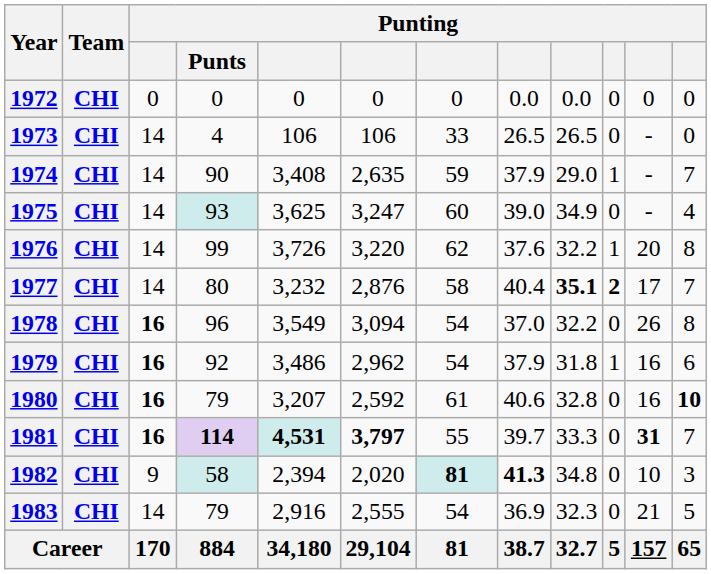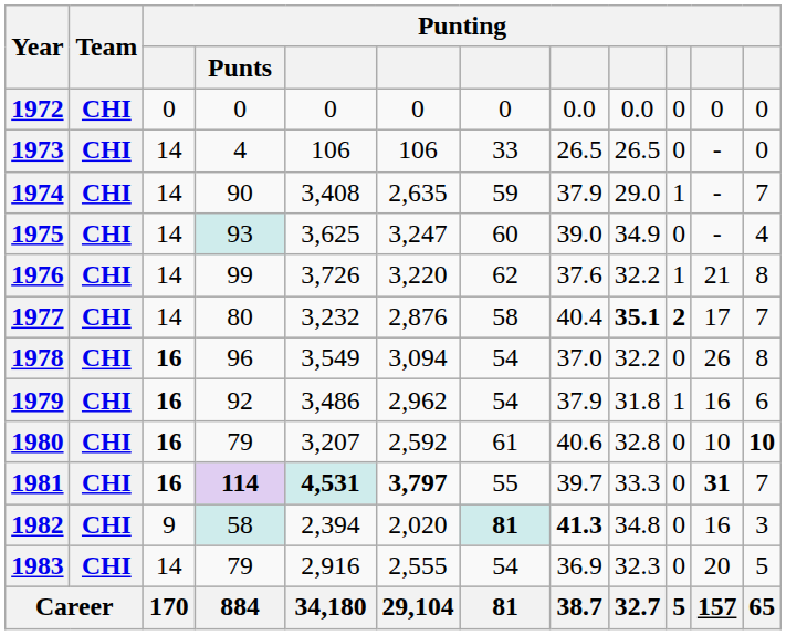 <table class=wikitable style="text-align:center;">
 <tr>
 <th rowspan="2">Year</th>
 <th rowspan="2">Team</th>
 <th colspan="10">Punting</th>
 </tr>
 <tr>
 <th></th>
 <th>Punts</th>
 <th></th>
 <th></th>
 <th></th>
 <th></th>
 <th></th>
 <th></th>
 <th></th>
 <th></th>
 </tr>
 <tr>
 <th><a href='#'>1972</a></th>
 <th><a href='#'>CHI</a></th>
 <td>0</td>
 <td>0</td>
 <td>0</td>
 <td>0</td>
 <td>0</td>
 <td>0.0</td>
 <td>0.0</td>
 <td>0</td>
 <td>0</td>
 <td>0</td>
 </tr>
 <tr>
 <th><a href='#'>1973</a></th>
 <th><a href='#'>CHI</a></th>
 <td>14</td>
 <td>4</td>
 <td>106</td>
 <td>106</td>
 <td>33</td>
 <td>26.5</td>
 <td>26.5</td>
 <td>0</td>
 <td>-</td>
 <td>0</td>
 </tr>
 <tr>
 <th><a href='#'>1974</a></th>
 <th><a href='#'>CHI</a></th>
 <td>14</td>
 <td>90</td>
 <td>3,408</td>
 <td>2,635</td>
 <td>59</td>
 <td>37.9</td>
 <td>29.0</td>
 <td>1</td>
 <td>-</td>
 <td>7</td>
 </tr>
 <tr>
 <th><a href='#'>1975</a></th>
 <th><a href='#'>CHI</a></th>
 <td>14</td>
 <td style="background:#cfecec; width:3em;">93</td>
 <td>3,625</td>
 <td>3,247</td>
 <td>60</td>
 <td>39.0</td>
 <td>34.9</td>
 <td>0</td>
 <td>-</td>
 <td>4</td>
 </tr>
 <tr>
 <th><a href='#'>1976</a></th>
 <th><a href='#'>CHI</a></th>
 <td>14</td>
 <td>99</td>
 <td>3,726</td>
 <td>3,220</td>
 <td>62</td>
 <td>37.6</td>
 <td>32.2</td>
 <td>1</td>
-<td>20</td>
+<td>21</td>
 <td>8</td>
 </tr>
 <tr>
 <th><a href='#'>1977</a></th>
 <th><a href='#'>CHI</a></th>
 <td>14</td>
 <td>80</td>
 <td>3,232</td>
 <td>2,876</td>
 <td>58</td>
 <td>40.4</td>
 <td><strong>35.1</strong></td>
 <td><strong>2</strong></td>
 <td>17</td>
 <td>7</td>
 </tr>
 <tr>
 <th><a href='#'>1978</a></th>
 <th><a href='#'>CHI</a></th>
 <td><strong>16</strong></td>
 <td>96</td>
 <td>3,549</td>
 <td>3,094</td>
 <td>54</td>
 <td>37.0</td>
 <td>32.2</td>
 <td>0</td>
 <td>26</td>
 <td>8</td>
 </tr>
 <tr>
 <th><a href='#'>1979</a></th>
 <th><a href='#'>CHI</a></th>
 <td><strong>16</strong></td>
 <td>92</td>
 <td>3,486</td>
 <td>2,962</td>
 <td>54</td>
 <td>37.9</td>
 <td>31.8</td>
 <td>1</td>
 <td>16</td>
 <td>6</td>
 </tr>
 <tr>
 <th><a href='#'>1980</a></th>
 <th><a href='#'>CHI</a></th>
 <td><strong>16</strong></td>
 <td>79</td>
 <td>3,207</td>
 <td>2,592</td>
 <td>61</td>
 <td>40.6</td>
 <td>32.8</td>
 <td>0</td>
-<td>16</td>
+<td>10</td>
 <td><strong>10</strong></td>
 </tr>
 <tr>
 <th><a href='#'>1981</a></th>
 <th><a href='#'>CHI</a></th>
 <td><strong>16</strong></td>
 <td style="background:#e0cef2; width:3em;"><strong>114</strong></td>
 <td style="background:#cfecec; width:3em;"><strong>4,531</strong></td>
 <td><strong>3,797</strong></td>
 <td>55</td>
 <td>39.7</td>
 <td>33.3</td>
 <td>0</td>
 <td><strong>31</strong></td>
 <td>7</td>
 </tr>
 <tr>
 <th><a href='#'>1982</a></th>
 <th><a href='#'>CHI</a></th>
 <td>9</td>
 <td style="background:#cfecec; width:3em;">58</td>
 <td>2,394</td>
 <td>2,020</td>
 <td style="background:#cfecec; width:3em;"><strong>81</strong></td>
 <td><strong>41.3</strong></td>
 <td>34.8</td>
 <td>0</td>
-<td>10</td>
+<td>16</td>
 <td>3</td>
 </tr>
 <tr>
 <th><a href='#'>1983</a></th>
 <th><a href='#'>CHI</a></th>
 <td>14</td>
 <td>79</td>
 <td>2,916</td>
 <td>2,555</td>
 <td>54</td>
 <td>36.9</td>
 <td>32.3</td>
 <td>0</td>
-<td>21</td>
+<td>20</td>
 <td>5</td>
 </tr>
 <tr>
 <th colspan="2">Career</th>
 <th>170</th>
 <th>884</th>
 <th>34,180</th>
 <th>29,104</th>
 <th>81</th>
 <th>38.7</th>
 <th>32.7</th>
 <th>5</th>
 <th><u>157</u></th>
 <th>65</th>
 </tr>
 </table>
